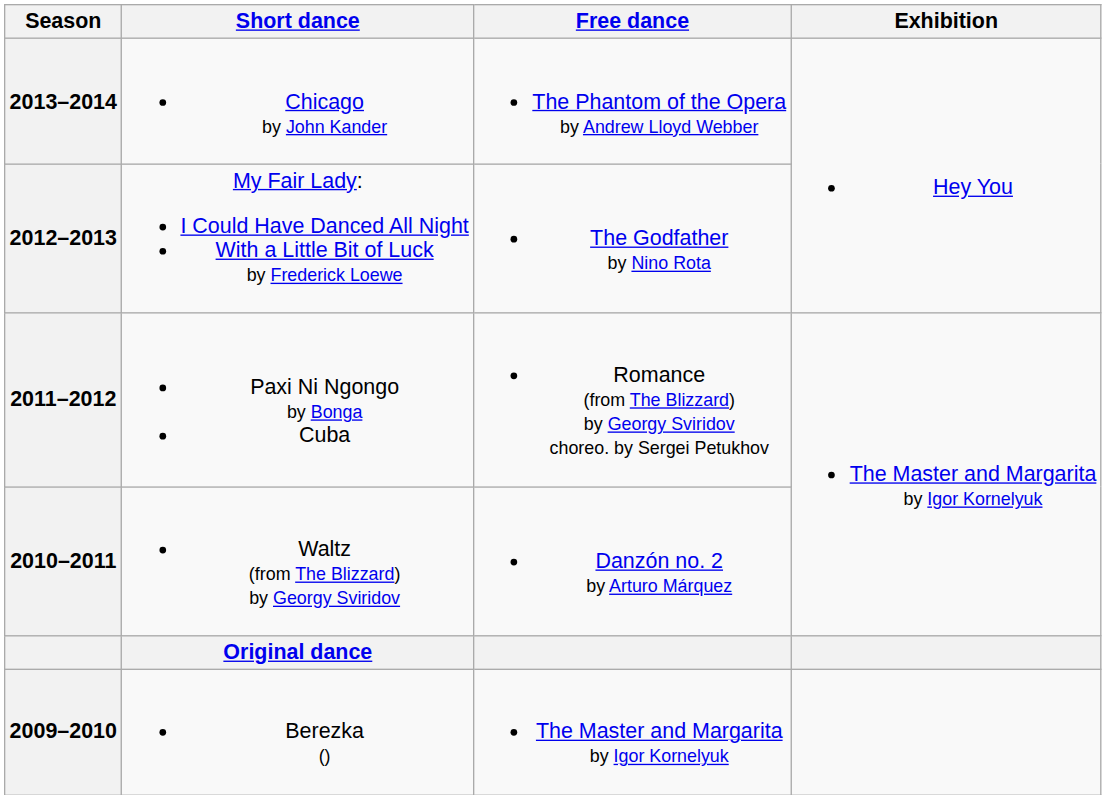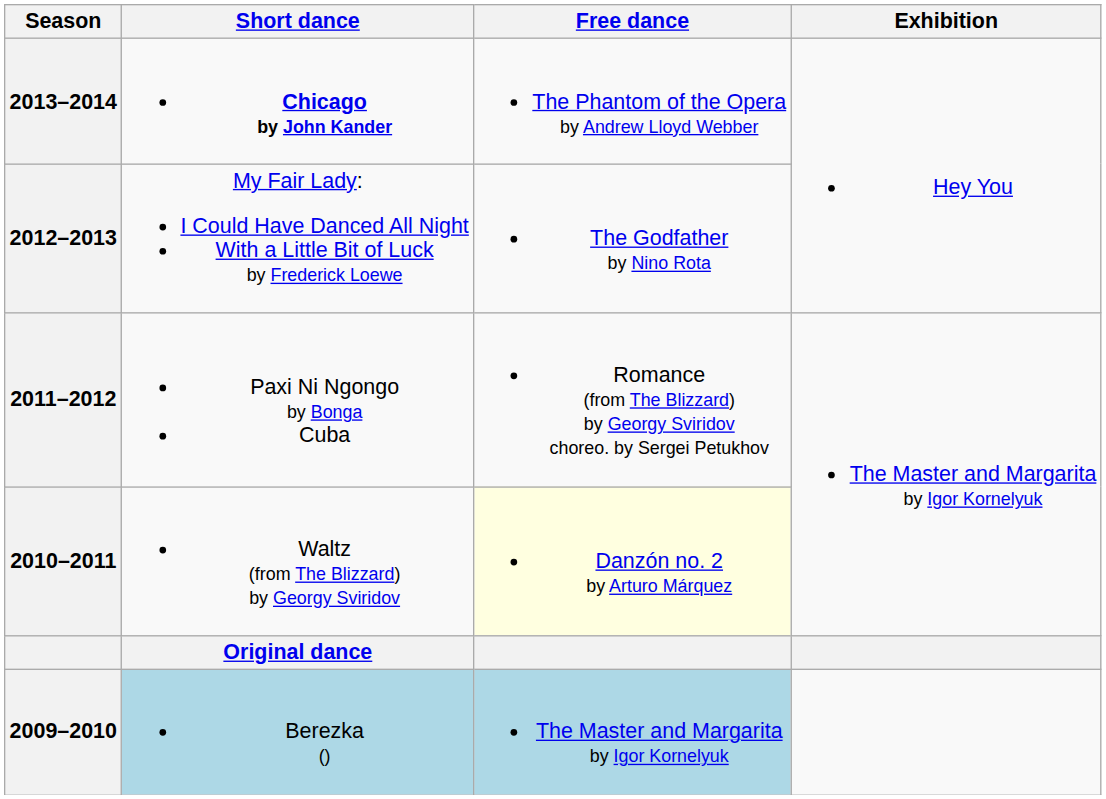 <table class="wikitable" style="text-align:center">
 <tr>
 <th>Season</th>
 <th><a href='#'>Short dance</a></th>
 <th><a href='#'>Free dance</a></th>
 <th>Exhibition</th>
 </tr>
 <tr>
 <th>2013–2014 <br> </th>
-<td><br><ul><li><a href='#'>Chicago</a> <br><small> by <a href='#'>John Kander</a> </small></li></ul></td>
+<td><strong><br><ul><li><a href='#'>Chicago</a> <br><small> by <a href='#'>John Kander</a> </small></li></ul></strong></td>
 <td><br><ul><li><a href='#'>The Phantom of the Opera</a> <br><small> by <a href='#'>Andrew Lloyd Webber</a> </small></li></ul></td>
 <td rowspan=2><br><ul><li><a href='#'>Hey You</a> <br></li></ul></td>
 </tr>
 <tr>
 <th>2012–2013 <br> </th>
 <td><a href='#'>My Fair Lady</a>:<br><ul><li><a href='#'>I Could Have Danced All Night</a></li><li><a href='#'>With a Little Bit of Luck</a> <br><small> by <a href='#'>Frederick Loewe</a> </small></li></ul></td>
 <td><br><ul><li><a href='#'>The Godfather</a> <br><small> by <a href='#'>Nino Rota</a> </small></li></ul></td>
 </tr>
 <tr>
 <th>2011–2012 <br> </th>
 <td><br><ul><li>Paxi Ni Ngongo <br><small> by <a href='#'>Bonga</a> </small></li><li>Cuba</li></ul></td>
 <td><br><ul><li>Romance <br><small> (from <a href='#'>The Blizzard</a>) <br> by <a href='#'>Georgy Sviridov</a> <br> choreo. by Sergei Petukhov </small></li></ul></td>
 <td rowspan=2><br><ul><li><a href='#'>The Master and Margarita</a> <br><small>by <a href='#'>Igor Kornelyuk</a> </small></li></ul></td>
 </tr>
 <tr>
 <th>2010–2011 <br> </th>
 <td><br><ul><li>Waltz <br><small> (from <a href='#'>The Blizzard</a>) <br> by <a href='#'>Georgy Sviridov</a> </small></li></ul></td>
-<td><br><ul><li><a href='#'>Danzón no. 2</a> <br><small> by <a href='#'>Arturo Márquez</a> </small></li></ul></td>
+<td style="background: lightyellow;"><br><ul><li><a href='#'>Danzón no. 2</a> <br><small> by <a href='#'>Arturo Márquez</a> </small></li></ul></td>
 </tr>
 <tr>
 <th></th>
 <th><a href='#'>Original dance</a></th>
 <th></th>
 <th></th>
 </tr>
 <tr>
 <th>2009–2010 <br> </th>
-<td><br><ul><li>Berezka <br><small> () </small></li></ul></td>
-<td><br><ul><li><a href='#'>The Master and Margarita</a> <br><small>by <a href='#'>Igor Kornelyuk</a> </small></li></ul></td>
+<td style="background: lightblue;"><br><ul><li>Berezka <br><small> () </small></li></ul></td>
+<td style="background: lightblue;"><br><ul><li><a href='#'>The Master and Margarita</a> <br><small>by <a href='#'>Igor Kornelyuk</a> </small></li></ul></td>
 <td></td>
 </tr>
 </table>
